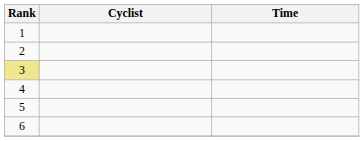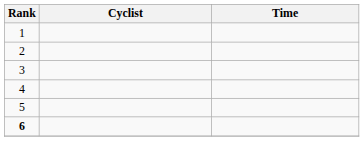 <table class="wikitable" style="width:30em;margin-bottom:0;">
 <tr>
 <th>Rank</th>
 <th>Cyclist</th>
 <th>Time</th>
 </tr>
 <tr>
 <td style="width:40px; text-align:center;">1</td>
 <td style="width:225px;"></td>
 <td align="right"></td>
 </tr>
 <tr>
 <td style="text-align:center;">2</td>
 <td></td>
 <td align="right"></td>
 </tr>
 <tr>
-<td style="background: khaki; text-align:center;">3</td>
+<td style="text-align:center;">3</td>
 <td></td>
 <td align="right"></td>
 </tr>
 <tr>
 <td style="text-align:center;">4</td>
 <td></td>
 <td align="right"></td>
 </tr>
 <tr>
 <td style="text-align:center;">5</td>
 <td></td>
 <td align="right"></td>
 </tr>
 <tr>
-<td style="text-align:center;">6</td>
+<td style="text-align:center;"><strong>6</strong></td>
 <td></td>
 <td align="right"></td>
 </tr>
 <tr>
 </tr>
 </table>
